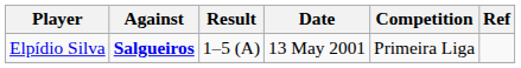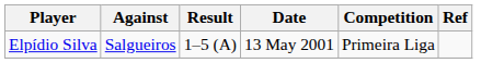 <table class="wikitable">
 <tr>
 <th>Player</th>
 <th>Against</th>
 <th>Result</th>
 <th>Date</th>
 <th>Competition</th>
 <th>Ref</th>
 </tr>
 <tr>
 <td> <a href='#'>Elpídio Silva</a></td>
-<td><strong><a href='#'>Salgueiros</a></strong></td>
+<td><a href='#'>Salgueiros</a></td>
 <td>1–5 (A)</td>
 <td>13 May 2001</td>
 <td>Primeira Liga</td>
 <td></td>
 </tr>
 <tr>
 </tr>
 </table>
